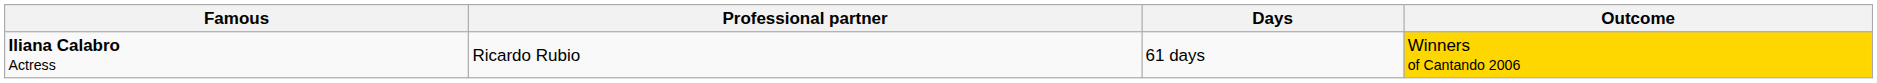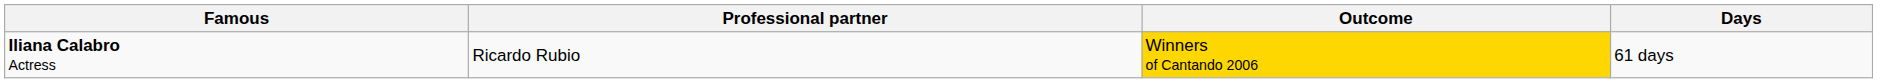 <table class="wikitable" style="font-size:90%; width: 100%;">
 <tr>
 <th>Famous</th>
 <th>Professional partner</th>
+<th>Outcome</th>
 <th>Days</th>
-<th>Outcome</th>
 </tr>
 <tr>
 <td> <strong>Iliana Calabro</strong><br><small>Actress</small></td>
 <td> Ricardo Rubio</td>
+<td style="background:gold">Winners<br><small>of Cantando 2006</small></td>
 <td>61 days</td>
-<td style="background:gold">Winners<br><small>of Cantando 2006</small></td>
 </tr>
 </table>
